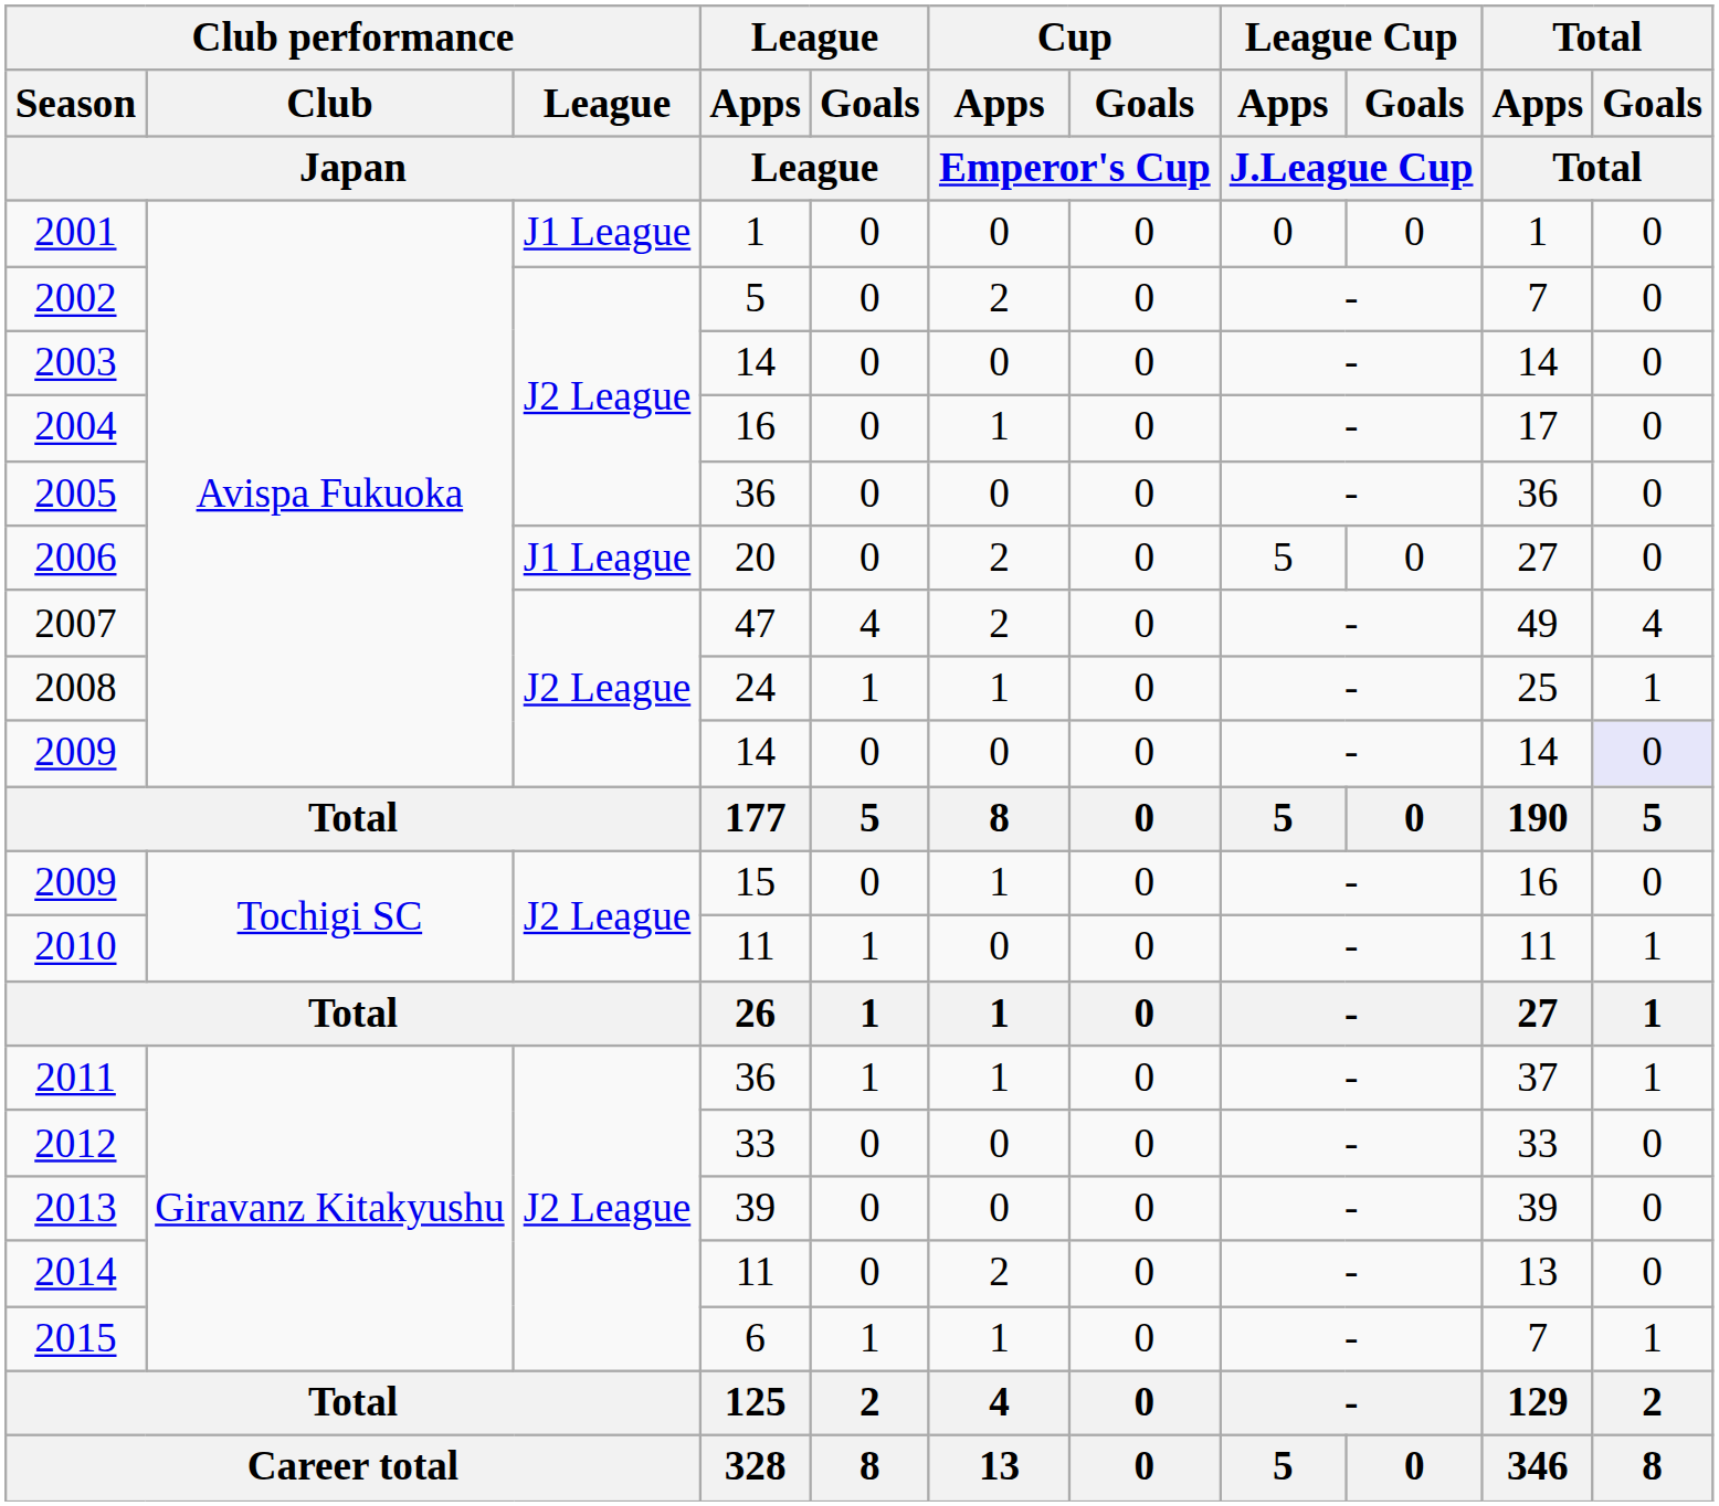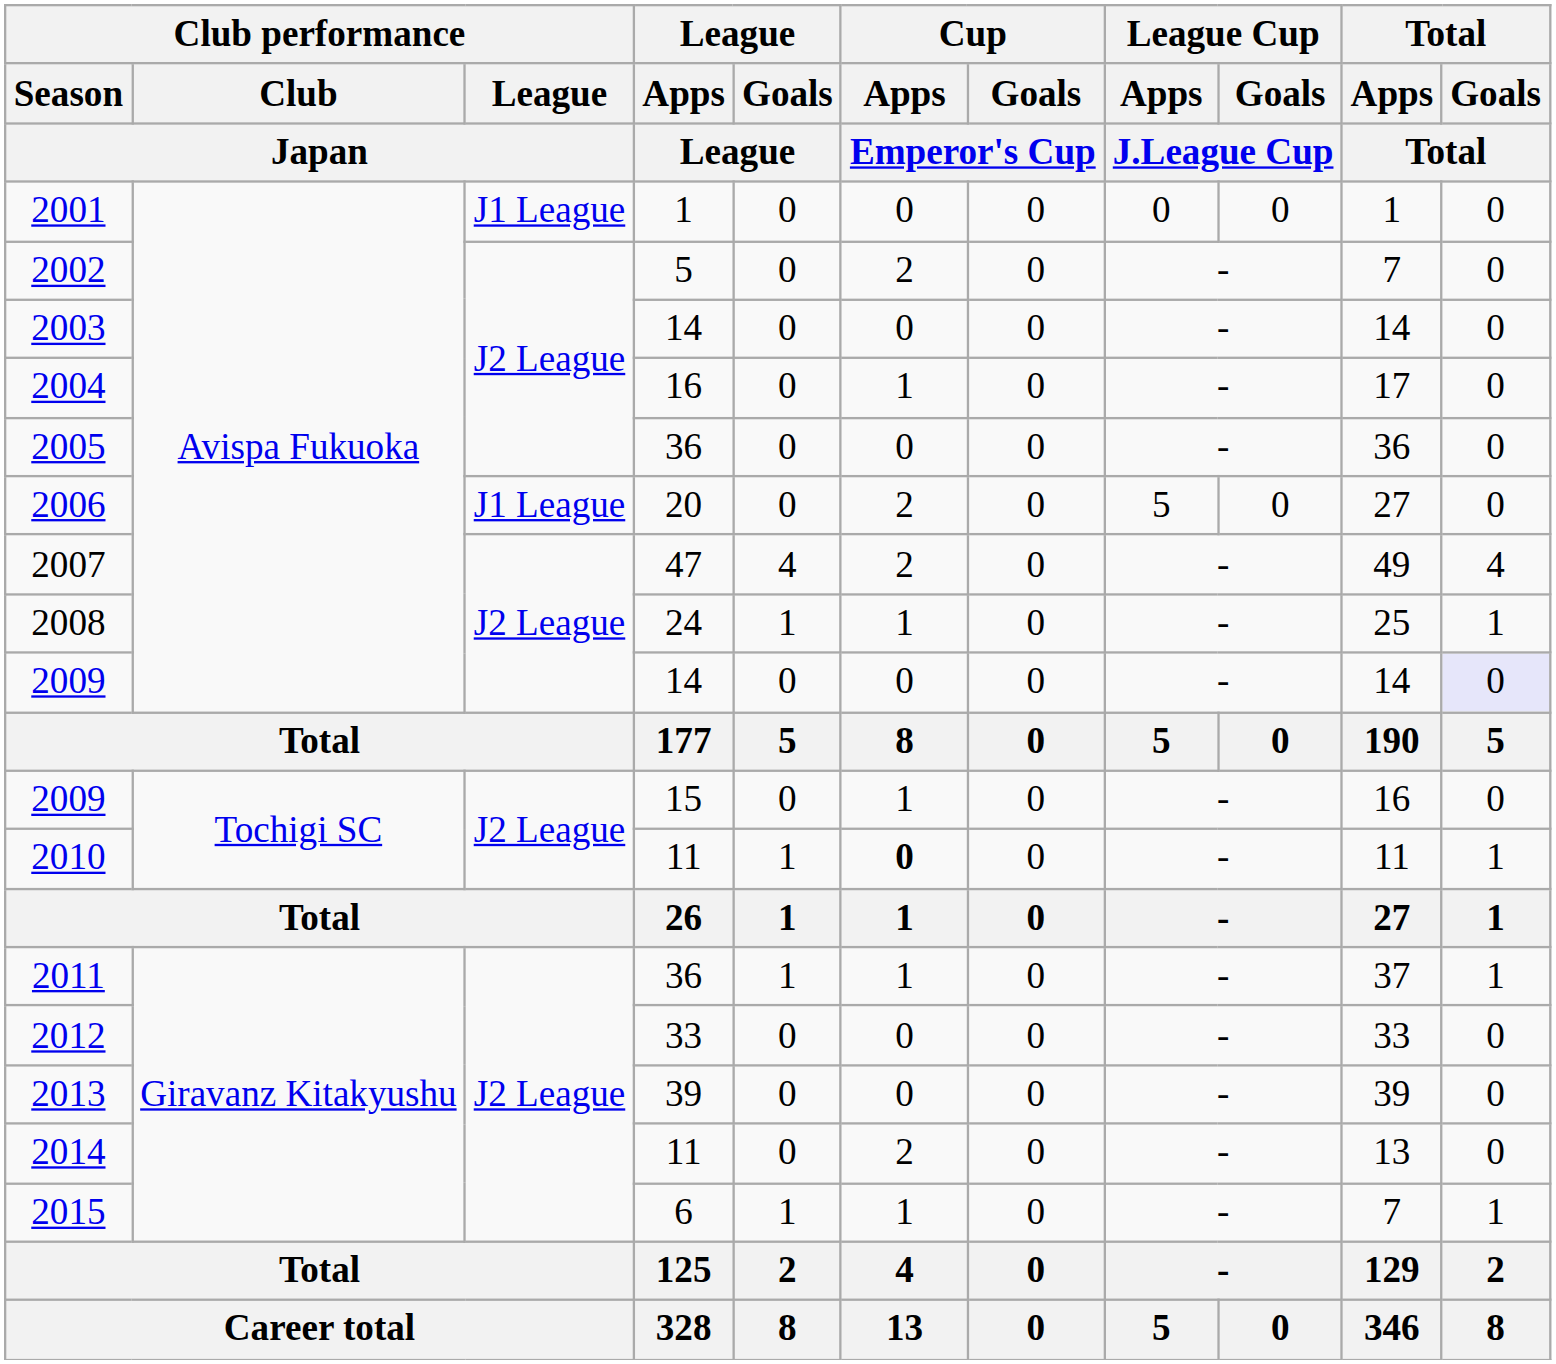 <table class="wikitable" style="text-align:center">
 <tr>
 <th colspan=3>Club performance</th>
 <th colspan=2>League</th>
 <th colspan=2>Cup</th>
 <th colspan=2>League Cup</th>
 <th colspan=2>Total</th>
 </tr>
 <tr>
 <th>Season</th>
 <th>Club</th>
 <th>League</th>
 <th>Apps</th>
 <th>Goals</th>
 <th>Apps</th>
 <th>Goals</th>
 <th>Apps</th>
 <th>Goals</th>
 <th>Apps</th>
 <th>Goals</th>
 </tr>
 <tr>
 <th colspan=3>Japan</th>
 <th colspan=2>League</th>
 <th colspan=2><a href='#'>Emperor's Cup</a></th>
 <th colspan=2><a href='#'>J.League Cup</a></th>
 <th colspan=2>Total</th>
 </tr>
 <tr>
 <td><a href='#'>2001</a></td>
 <td rowspan="9"><a href='#'>Avispa Fukuoka</a></td>
 <td><a href='#'>J1 League</a></td>
 <td>1</td>
 <td>0</td>
 <td>0</td>
 <td>0</td>
 <td>0</td>
 <td>0</td>
 <td>1</td>
 <td>0</td>
 </tr>
 <tr>
 <td><a href='#'>2002</a></td>
 <td rowspan="4"><a href='#'>J2 League</a></td>
 <td>5</td>
 <td>0</td>
 <td>2</td>
 <td>0</td>
 <td colspan="2">-</td>
 <td>7</td>
 <td>0</td>
 </tr>
 <tr>
 <td><a href='#'>2003</a></td>
 <td>14</td>
 <td>0</td>
 <td>0</td>
 <td>0</td>
 <td colspan="2">-</td>
 <td>14</td>
 <td>0</td>
 </tr>
 <tr>
 <td><a href='#'>2004</a></td>
 <td>16</td>
 <td>0</td>
 <td>1</td>
 <td>0</td>
 <td colspan="2">-</td>
 <td>17</td>
 <td>0</td>
 </tr>
 <tr>
 <td><a href='#'>2005</a></td>
 <td>36</td>
 <td>0</td>
 <td>0</td>
 <td>0</td>
 <td colspan="2">-</td>
 <td>36</td>
 <td>0</td>
 </tr>
 <tr>
 <td><a href='#'>2006</a></td>
 <td><a href='#'>J1 League</a></td>
 <td>20</td>
 <td>0</td>
 <td>2</td>
 <td>0</td>
 <td>5</td>
 <td>0</td>
 <td>27</td>
 <td>0</td>
 </tr>
 <tr>
 <td>2007</td>
 <td rowspan="3"><a href='#'>J2 League</a></td>
 <td>47</td>
 <td>4</td>
 <td>2</td>
 <td>0</td>
 <td colspan="2">-</td>
 <td>49</td>
 <td>4</td>
 </tr>
 <tr>
 <td>2008</td>
 <td>24</td>
 <td>1</td>
 <td>1</td>
 <td>0</td>
 <td colspan="2">-</td>
 <td>25</td>
 <td>1</td>
 </tr>
 <tr>
 <td><a href='#'>2009</a></td>
 <td>14</td>
 <td>0</td>
 <td>0</td>
 <td>0</td>
 <td colspan="2">-</td>
 <td>14</td>
 <td style="background: lavender;">0</td>
 </tr>
 <tr>
 <th colspan="3">Total</th>
 <th>177</th>
 <th>5</th>
 <th>8</th>
 <th>0</th>
 <th>5</th>
 <th>0</th>
 <th>190</th>
 <th>5</th>
 </tr>
 <tr>
 <td><a href='#'>2009</a></td>
 <td rowspan="2"><a href='#'>Tochigi SC</a></td>
 <td rowspan="2"><a href='#'>J2 League</a></td>
 <td>15</td>
 <td>0</td>
 <td>1</td>
 <td>0</td>
 <td colspan="2">-</td>
 <td>16</td>
 <td>0</td>
 </tr>
 <tr>
 <td><a href='#'>2010</a></td>
 <td>11</td>
 <td>1</td>
-<td>0</td>
+<td><strong>0</strong></td>
 <td>0</td>
 <td colspan="2">-</td>
 <td>11</td>
 <td>1</td>
 </tr>
 <tr>
 <th colspan="3">Total</th>
 <th>26</th>
 <th>1</th>
 <th>1</th>
 <th>0</th>
 <th colspan="2">-</th>
 <th>27</th>
 <th>1</th>
 </tr>
 <tr>
 <td><a href='#'>2011</a></td>
 <td rowspan="5"><a href='#'>Giravanz Kitakyushu</a></td>
 <td rowspan="5"><a href='#'>J2 League</a></td>
 <td>36</td>
 <td>1</td>
 <td>1</td>
 <td>0</td>
 <td colspan="2">-</td>
 <td>37</td>
 <td>1</td>
 </tr>
 <tr>
 <td><a href='#'>2012</a></td>
 <td>33</td>
 <td>0</td>
 <td>0</td>
 <td>0</td>
 <td colspan="2">-</td>
 <td>33</td>
 <td>0</td>
 </tr>
 <tr>
 <td><a href='#'>2013</a></td>
 <td>39</td>
 <td>0</td>
 <td>0</td>
 <td>0</td>
 <td colspan="2">-</td>
 <td>39</td>
 <td>0</td>
 </tr>
 <tr>
 <td><a href='#'>2014</a></td>
 <td>11</td>
 <td>0</td>
 <td>2</td>
 <td>0</td>
 <td colspan="2">-</td>
 <td>13</td>
 <td>0</td>
 </tr>
 <tr>
 <td><a href='#'>2015</a></td>
 <td>6</td>
 <td>1</td>
 <td>1</td>
 <td>0</td>
 <td colspan="2">-</td>
 <td>7</td>
 <td>1</td>
 </tr>
 <tr>
 <th colspan="3">Total</th>
 <th>125</th>
 <th>2</th>
 <th>4</th>
 <th>0</th>
 <th colspan="2">-</th>
 <th>129</th>
 <th>2</th>
 </tr>
 <tr>
 <th colspan=3>Career total</th>
 <th>328</th>
 <th>8</th>
 <th>13</th>
 <th>0</th>
 <th>5</th>
 <th>0</th>
 <th>346</th>
 <th>8</th>
 </tr>
 </table>
